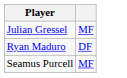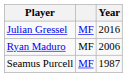 <table class="wikitable">
 <tr>
 <th width=px>Player</th>
 <th width=px></th>
+<th width=px>Year</th>
 </tr>
 <tr>
 <td><a href='#'>Julian Gressel</a></td>
 <td><a href='#'>MF</a></td>
+<td>2016</td>
 </tr>
 <tr>
 <td><a href='#'>Ryan Maduro</a></td>
-<td><a href='#'>DF</a></td>
+<td>MF</td>
+<td>2006</td>
 </tr>
 <tr>
 <td>Seamus Purcell</td>
 <td><a href='#'>MF</a></td>
+<td>1987</td>
 </tr>
 </table>
